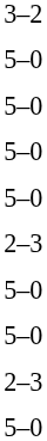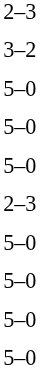 <table style="font-size:90%">
 <tr>
 <td colspan=3></td>
 </tr>
 <tr>
 <td align=right><strong></strong></td>
-<td align=center>3–2</td>
+<td align=center>2–3</td>
 <td></td>
 </tr>
 <tr>
 <td colspan=3></td>
 </tr>
 <tr>
 <td align=right><strong></strong></td>
-<td align=center>5–0</td>
+<td align=center>3–2</td>
 <td></td>
 </tr>
 <tr>
 <td colspan=3></td>
 </tr>
 <tr>
 <td align=right><strong></strong></td>
 <td align=center>5–0</td>
 <td></td>
 </tr>
 <tr>
 <td colspan=3></td>
 </tr>
 <tr>
 <td width=150 align=right><strong></strong></td>
 <td width=100 align=center>5–0</td>
 <td></td>
 </tr>
 <tr>
 <td colspan=3></td>
 </tr>
 <tr>
 <td align=right><strong></strong></td>
 <td align=center>5–0</td>
 <td></td>
 </tr>
 <tr>
 <td colspan=3></td>
 </tr>
 <tr>
 <td align=right></td>
 <td align=center>2–3</td>
 <td><strong></strong></td>
 </tr>
 <tr>
 <td colspan=3></td>
 </tr>
 <tr>
 <td align=right><strong></strong></td>
 <td align=center>5–0</td>
 <td></td>
 </tr>
 <tr>
 <td colspan=3></td>
 </tr>
 <tr>
 <td align=right><strong></strong></td>
 <td align=center>5–0</td>
 <td><strong></strong></td>
 </tr>
 <tr>
 <td colspan=3></td>
 </tr>
 <tr>
 <td align=right><strong></strong></td>
-<td align=center>2–3</td>
+<td align=center>5–0</td>
 <td></td>
 </tr>
 <tr>
 <td colspan=3></td>
 </tr>
 <tr>
 <td align=right><strong></strong></td>
 <td align=center>5–0</td>
 <td></td>
 </tr>
 </table>
